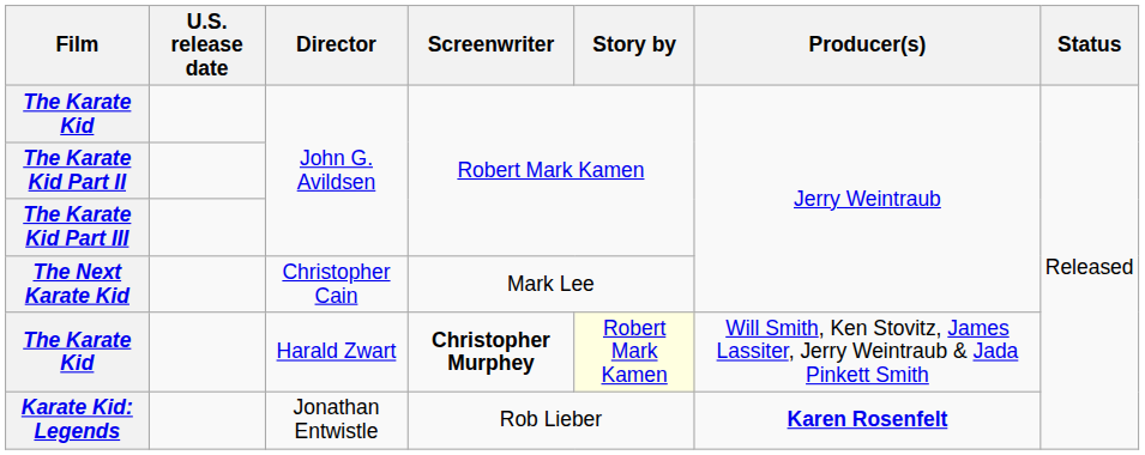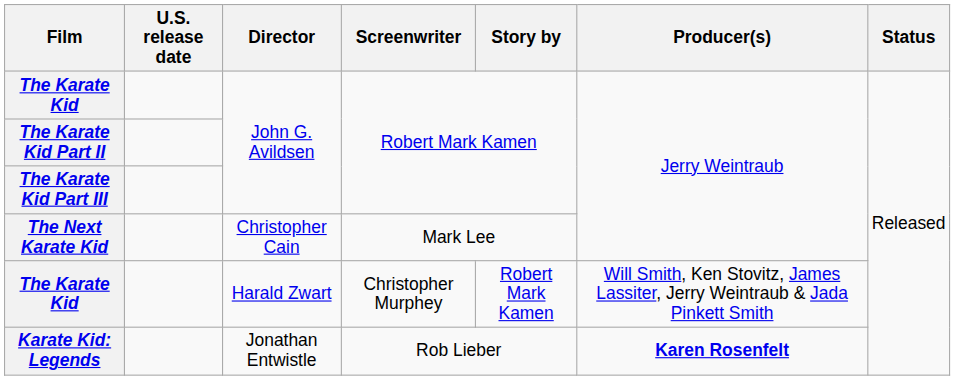 <table class="wikitable col2left plainrowheaders" style="text-align: center;">
 <tr>
 <th scope="col">Film</th>
 <th scope="col">U.S. release date</th>
 <th scope="col">Director</th>
 <th scope="col">Screenwriter</th>
 <th scope="col">Story by</th>
 <th scope="col">Producer(s)</th>
 <th scope="col">Status</th>
 </tr>
 <tr>
 <th scope="row"><em><a href='#'>The Karate Kid</a></em></th>
 <td></td>
 <td rowspan="3"><a href='#'>John G. Avildsen</a></td>
 <td colspan="2" rowspan="3"><a href='#'>Robert Mark Kamen</a></td>
 <td rowspan="4"><a href='#'>Jerry Weintraub</a></td>
 <td rowspan="6">Released</td>
 </tr>
 <tr>
 <th scope="row"><em><a href='#'>The Karate Kid Part II</a></em></th>
 <td></td>
 </tr>
 <tr>
 <th scope="row"><em><a href='#'>The Karate Kid Part III</a></em></th>
 <td></td>
 </tr>
 <tr>
 <th scope="row"><em><a href='#'>The Next Karate Kid</a></em></th>
 <td></td>
 <td><a href='#'>Christopher Cain</a></td>
 <td colspan="2">Mark Lee</td>
 </tr>
 <tr>
 <th scope="row"><em><a href='#'>The Karate Kid</a></em></th>
 <td></td>
 <td><a href='#'>Harald Zwart</a></td>
-<td><strong>Christopher Murphey</strong></td>
-<td style="background: lightyellow;"><a href='#'>Robert Mark Kamen</a></td>
+<td>Christopher Murphey</td>
+<td><a href='#'>Robert Mark Kamen</a></td>
 <td><a href='#'>Will Smith</a>, Ken Stovitz, <a href='#'>James Lassiter</a>, Jerry Weintraub & <a href='#'>Jada Pinkett Smith</a></td>
 </tr>
 <tr>
 <th scope="row"><em><a href='#'>Karate Kid: Legends</a></em></th>
 <td></td>
 <td>Jonathan Entwistle</td>
 <td colspan="2">Rob Lieber</td>
 <td><strong><a href='#'>Karen Rosenfelt</a></strong></td>
 </tr>
 </table>
